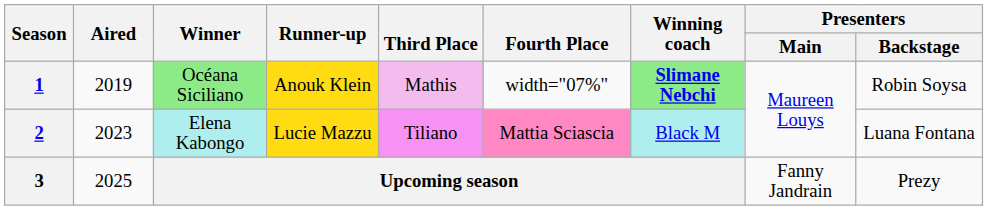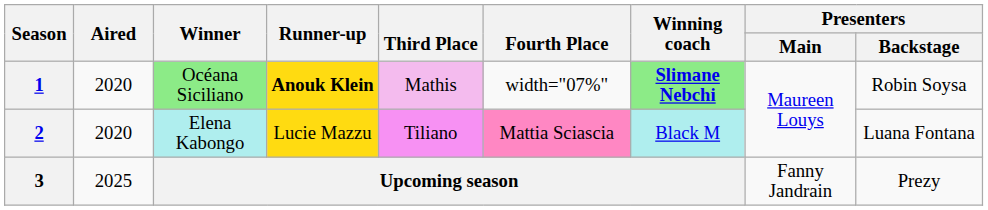 <table class="wikitable" style="text-align:center; font-size:95%; line-height:16px; width:90%">
 <tr>
 <th rowspan="2" scope="col" style="width:01%">Season</th>
 <th rowspan="2" scope="col" style="width:05%">Aired</th>
 <th rowspan="2" scope="col" style="width:07%">Winner</th>
 <th rowspan="2" scope="col" style="width:07%">Runner-up</th>
 <th rowspan="2" scope="col" style="width:07%"><br>Third Place</th>
 <th rowspan="2" scope="col" style="width:07%"><br>Fourth Place</th>
 <th rowspan="2" scope="col" style="width:07%">Winning coach</th>
 <th colspan="3" scope="col" style="width:14%">Presenters</th>
 </tr>
 <tr>
 <th width="7%">Main</th>
 <th colspan="2" width="7%">Backstage</th>
 </tr>
 <tr>
 <th scope="row"><a href='#'>1</a></th>
-<td>2019</td>
+<td>2020</td>
 <td style="background:#8ceb87">Océana Siciliano</td>
-<td style="background:#ffdb11; width:7%">Anouk Klein</td>
+<td style="background:#ffdb11; width:7%"><strong>Anouk Klein</strong></td>
 <td style="background:#f4bbee; width:7%">Mathis</td>
 <td>width="07%" </td>
 <td style="background:#8ceb87"><strong><a href='#'>Slimane Nebchi</a></strong></td>
 <td rowspan="2"><a href='#'>Maureen Louys</a></td>
 <td>Robin Soysa</td>
 </tr>
 <tr>
 <th scope="row"><a href='#'>2</a></th>
-<td>2023</td>
+<td>2020</td>
 <td style="background:#afeeee">Elena Kabongo</td>
 <td style="background:#ffdb11">Lucie Mazzu</td>
 <td style="background:#f791f3">Tiliano</td>
 <td style="background:#FF87C3">Mattia Sciascia</td>
 <td style="background:#afeeee"><a href='#'>Black M</a></td>
 <td colspan="2" rowspan="1">Luana Fontana</td>
 </tr>
 <tr>
 <th>3</th>
 <td>2025</td>
 <th colspan="5">Upcoming season</th>
 <td>Fanny Jandrain</td>
 <td>Prezy</td>
 </tr>
 </table>
